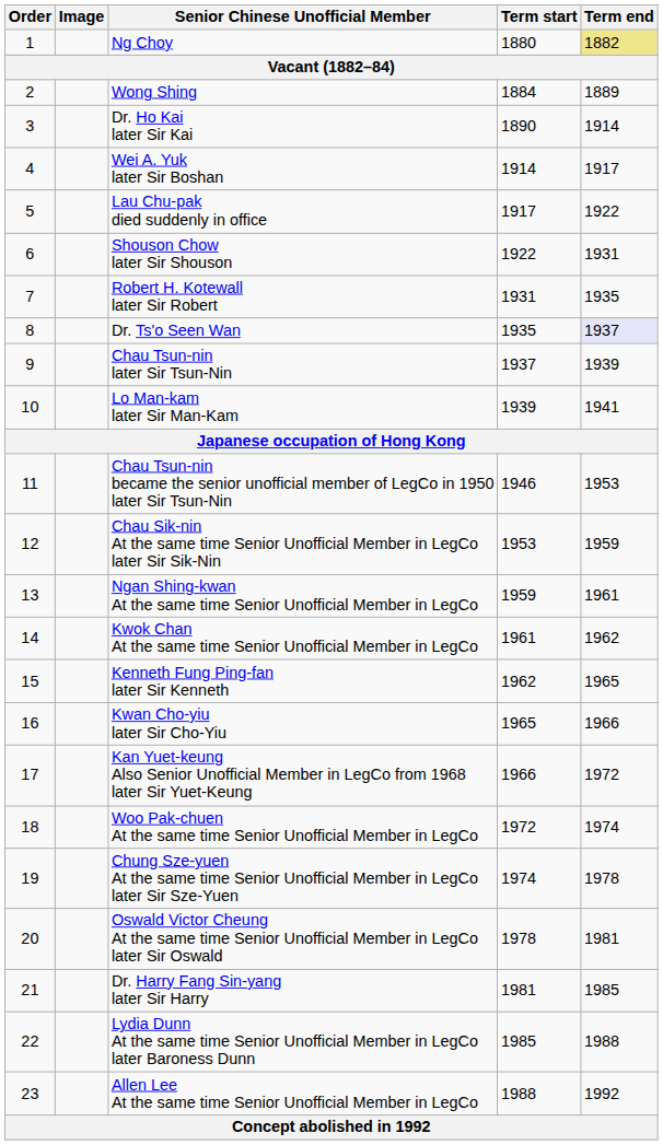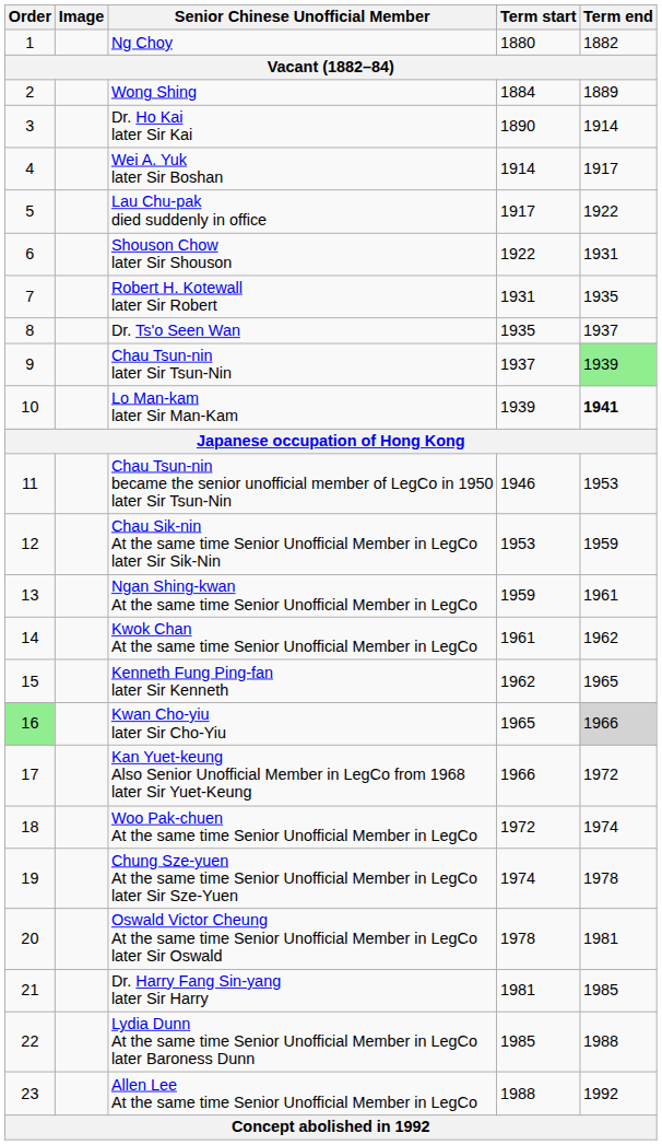 <table class="wikitable">
 <tr>
 <th>Order</th>
 <th>Image</th>
 <th>Senior Chinese Unofficial Member</th>
 <th>Term start</th>
 <th>Term end</th>
 </tr>
 <tr>
 <td align="center">1</td>
 <td align="center"></td>
 <td><a href='#'>Ng Choy</a></td>
 <td>1880</td>
-<td style="background: khaki;">1882</td>
+<td>1882</td>
 </tr>
 <tr>
 <th colspan=5>Vacant (1882–84)</th>
 </tr>
 <tr>
 <td align="center">2</td>
 <td align="center"></td>
 <td><a href='#'>Wong Shing</a></td>
 <td>1884</td>
 <td>1889</td>
 </tr>
 <tr>
 <td align="center">3</td>
 <td align="center"></td>
 <td>Dr. <a href='#'>Ho Kai</a><br>later Sir Kai</td>
 <td>1890</td>
 <td>1914</td>
 </tr>
 <tr>
 <td align="center">4</td>
 <td align="center"></td>
 <td><a href='#'>Wei A. Yuk</a><br>later Sir Boshan</td>
 <td>1914</td>
 <td>1917</td>
 </tr>
 <tr>
 <td align="center">5</td>
 <td align="center"></td>
 <td><a href='#'>Lau Chu-pak</a><br>died suddenly in office</td>
 <td>1917</td>
 <td>1922</td>
 </tr>
 <tr>
 <td align="center">6</td>
 <td align="center"></td>
 <td><a href='#'>Shouson Chow</a><br>later Sir Shouson</td>
 <td>1922</td>
 <td>1931</td>
 </tr>
 <tr>
 <td align="center">7</td>
 <td align="center"></td>
 <td><a href='#'>Robert H. Kotewall</a><br>later Sir Robert</td>
 <td>1931</td>
 <td>1935</td>
 </tr>
 <tr>
 <td align="center">8</td>
 <td align="center"></td>
 <td>Dr. <a href='#'>Ts'o Seen Wan</a></td>
 <td>1935</td>
-<td style="background: lavender;">1937</td>
+<td>1937</td>
 </tr>
 <tr>
 <td align="center">9</td>
 <td align="center"></td>
 <td><a href='#'>Chau Tsun-nin</a><br>later Sir Tsun-Nin</td>
 <td>1937</td>
-<td>1939</td>
+<td style="background: lightgreen;">1939</td>
 </tr>
 <tr>
 <td align="center">10</td>
 <td align="center"></td>
 <td><a href='#'>Lo Man-kam</a><br>later Sir Man-Kam</td>
 <td>1939</td>
-<td>1941</td>
+<td><strong>1941</strong></td>
 </tr>
 <tr>
 <th colspan=5><a href='#'>Japanese occupation of Hong Kong</a></th>
 </tr>
 <tr>
 <td align="center">11</td>
 <td align="center"></td>
 <td><a href='#'>Chau Tsun-nin</a><br>became the senior unofficial member of LegCo in 1950<br>later Sir Tsun-Nin</td>
 <td>1946</td>
 <td>1953</td>
 </tr>
 <tr>
 <td align="center">12</td>
 <td align="center"></td>
 <td><a href='#'>Chau Sik-nin</a><br>At the same time Senior Unofficial Member in LegCo<br>later Sir Sik-Nin</td>
 <td>1953</td>
 <td>1959</td>
 </tr>
 <tr>
 <td align="center">13</td>
 <td align="center"></td>
 <td><a href='#'>Ngan Shing-kwan</a><br>At the same time Senior Unofficial Member in LegCo</td>
 <td>1959</td>
 <td>1961</td>
 </tr>
 <tr>
 <td align="center">14</td>
 <td align="center"></td>
 <td><a href='#'>Kwok Chan</a><br>At the same time Senior Unofficial Member in LegCo</td>
 <td>1961</td>
 <td>1962</td>
 </tr>
 <tr>
 <td align="center">15</td>
 <td align="center"></td>
 <td><a href='#'>Kenneth Fung Ping-fan</a><br>later Sir Kenneth</td>
 <td>1962</td>
 <td>1965</td>
 </tr>
 <tr>
-<td align="center">16</td>
+<td align="center" style="background: lightgreen;">16</td>
 <td align="center"></td>
 <td><a href='#'>Kwan Cho-yiu</a><br>later Sir Cho-Yiu</td>
 <td>1965</td>
-<td>1966</td>
+<td style="background: lightgrey;">1966</td>
 </tr>
 <tr>
 <td align="center">17</td>
 <td align="center"></td>
 <td><a href='#'>Kan Yuet-keung</a><br>Also Senior Unofficial Member in LegCo from 1968<br>later Sir Yuet-Keung</td>
 <td>1966</td>
 <td>1972</td>
 </tr>
 <tr>
 <td align="center">18</td>
 <td align="center"></td>
 <td><a href='#'>Woo Pak-chuen</a><br>At the same time Senior Unofficial Member in LegCo</td>
 <td>1972</td>
 <td>1974</td>
 </tr>
 <tr>
 <td align="center">19</td>
 <td align="center"></td>
 <td><a href='#'>Chung Sze-yuen</a><br>At the same time Senior Unofficial Member in LegCo<br>later Sir Sze-Yuen</td>
 <td>1974</td>
 <td>1978</td>
 </tr>
 <tr>
 <td align="center">20</td>
 <td align="center"></td>
 <td><a href='#'>Oswald Victor Cheung</a><br>At the same time Senior Unofficial Member in LegCo<br>later Sir Oswald</td>
 <td>1978</td>
 <td>1981</td>
 </tr>
 <tr>
 <td align="center">21</td>
 <td align="center"></td>
 <td>Dr. <a href='#'>Harry Fang Sin-yang</a><br>later Sir Harry</td>
 <td>1981</td>
 <td>1985</td>
 </tr>
 <tr>
 <td align="center">22</td>
 <td align="center"></td>
 <td><a href='#'>Lydia Dunn</a><br>At the same time Senior Unofficial Member in LegCo<br>later Baroness Dunn</td>
 <td>1985</td>
 <td>1988</td>
 </tr>
 <tr>
 <td align="center">23</td>
 <td align="center"></td>
 <td><a href='#'>Allen Lee</a><br>At the same time Senior Unofficial Member in LegCo</td>
 <td>1988</td>
 <td>1992</td>
 </tr>
 <tr>
 <th colspan=5>Concept abolished in 1992</th>
 </tr>
 </table>
